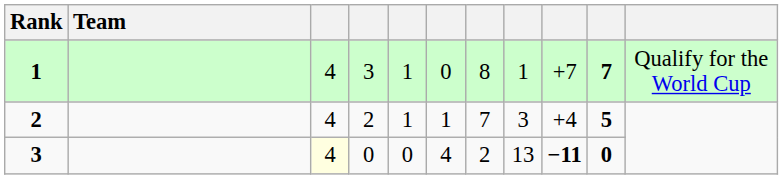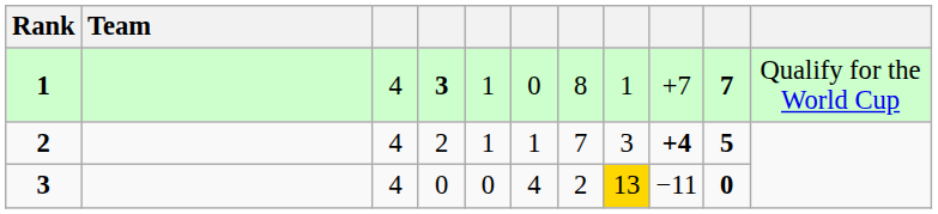 <table class="wikitable" style="text-align:center">
 <tr>
 <th width=30>Rank</th>
 <th width=165 style="text-align:left">Team</th>
 <th width=20></th>
 <th width=20></th>
 <th width=20></th>
 <th width=20></th>
 <th width=20></th>
 <th width=20></th>
 <th width=20></th>
 <th width=20></th>
 <th width=100></th>
 </tr>
 <tr bgcolor="#ccffcc">
 <td><strong>1</strong></td>
 <td align="left"></td>
 <td>4</td>
-<td>3</td>
+<td><strong>3</strong></td>
 <td>1</td>
 <td>0</td>
 <td>8</td>
 <td>1</td>
 <td>+7</td>
 <td><strong>7</strong></td>
 <td col_=green1>Qualify for the <a href='#'>World Cup</a></td>
 </tr>
 <tr>
 <td><strong>2</strong></td>
 <td align="left"></td>
 <td>4</td>
 <td>2</td>
 <td>1</td>
 <td>1</td>
 <td>7</td>
 <td>3</td>
-<td>+4</td>
+<td><strong>+4</strong></td>
 <td><strong>5</strong></td>
 </tr>
 <tr>
 <td><strong>3</strong></td>
 <td align="left"></td>
-<td style="background: lightyellow;">4</td>
+<td>4</td>
 <td>0</td>
 <td>0</td>
 <td>4</td>
 <td>2</td>
-<td>13</td>
-<td><strong>−11</strong></td>
+<td style="background: gold;">13</td>
+<td>−11</td>
 <td><strong>0</strong></td>
 </tr>
 </table>
